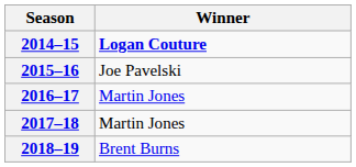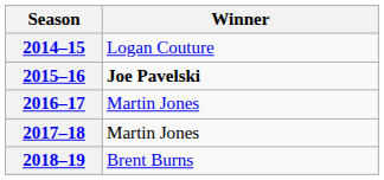 <table class="wikitable">
 <tr>
 <th scope="col" style="width:5em">Season</th>
 <th scope="col" style="width:15em">Winner</th>
 </tr>
 <tr>
 <th scope="row"><a href='#'>2014–15</a></th>
-<td><strong><a href='#'>Logan Couture</a></strong></td>
+<td><a href='#'>Logan Couture</a></td>
 </tr>
 <tr>
 <th scope="row"><a href='#'>2015–16</a></th>
-<td>Joe Pavelski</td>
+<td><strong>Joe Pavelski</strong></td>
 </tr>
 <tr>
 <th scope="row"><a href='#'>2016–17</a></th>
 <td><a href='#'>Martin Jones</a></td>
 </tr>
 <tr>
 <th scope="row"><a href='#'>2017–18</a></th>
 <td>Martin Jones</td>
 </tr>
 <tr>
 <th scope="row"><a href='#'>2018–19</a></th>
 <td><a href='#'>Brent Burns</a></td>
 </tr>
 </table>
